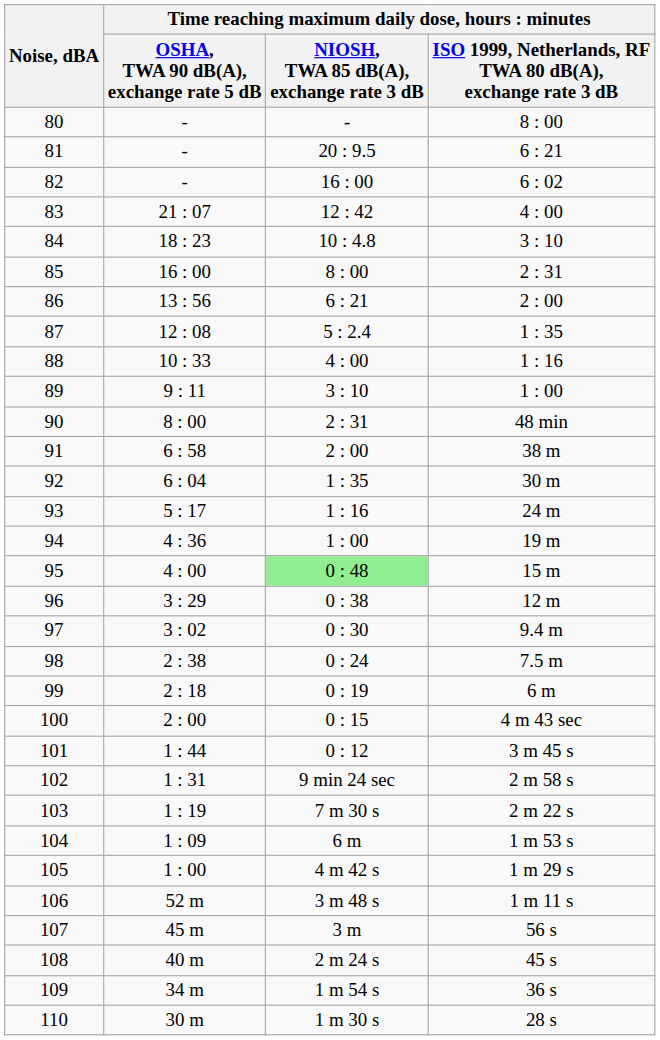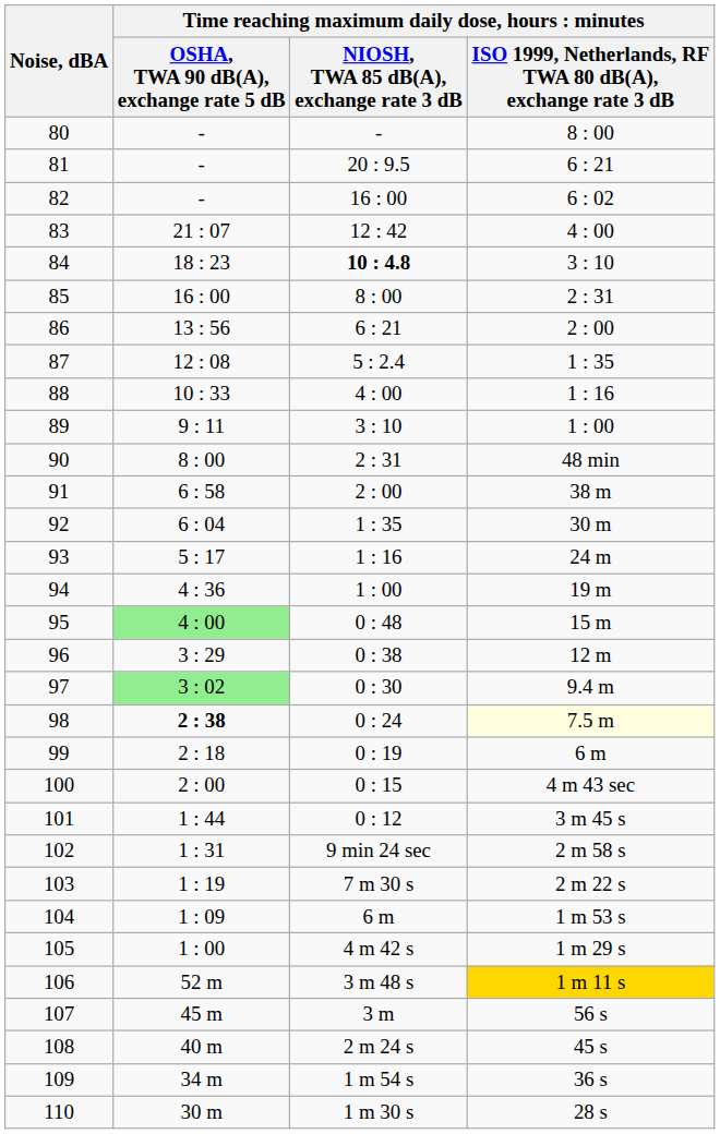 <table class="wikitable collapsible collapsed" style="text-align:center">
 <tr>
 <th rowspan="2">Noise, dBA</th>
 <th colspan="3">Time reaching maximum daily dose, hours : minutes</th>
 </tr>
 <tr>
 <th><a href='#'>OSHA</a>,<br>TWA 90 dB(A),<br>exchange rate 5 dB</th>
 <th><a href='#'>NIOSH</a>,<br>TWA 85 dB(A),<br>exchange rate 3 dB</th>
 <th><a href='#'>ISO</a> 1999, Netherlands, RF<br>TWA 80 dB(A),<br>exchange rate 3 dB</th>
 </tr>
 <tr>
 <td>80</td>
 <td>-</td>
 <td>-</td>
 <td>8 : 00</td>
 </tr>
 <tr>
 <td>81</td>
 <td>-</td>
 <td>20 : 9.5</td>
 <td>6 : 21</td>
 </tr>
 <tr>
 <td>82</td>
 <td>-</td>
 <td>16 : 00</td>
 <td>6 : 02</td>
 </tr>
 <tr>
 <td>83</td>
 <td>21 : 07</td>
 <td>12 : 42</td>
 <td>4 : 00</td>
 </tr>
 <tr>
 <td>84</td>
 <td>18 : 23</td>
-<td>10 : 4.8</td>
+<td><strong>10 : 4.8</strong></td>
 <td>3 : 10</td>
 </tr>
 <tr>
 <td>85</td>
 <td>16 : 00</td>
 <td>8 : 00</td>
 <td>2 : 31</td>
 </tr>
 <tr>
 <td>86</td>
 <td>13 : 56</td>
 <td>6 : 21</td>
 <td>2 : 00</td>
 </tr>
 <tr>
 <td>87</td>
 <td>12 : 08</td>
 <td>5 : 2.4</td>
 <td>1 : 35</td>
 </tr>
 <tr>
 <td>88</td>
 <td>10 : 33</td>
 <td>4 : 00</td>
 <td>1 : 16</td>
 </tr>
 <tr>
 <td>89</td>
 <td>9 : 11</td>
 <td>3 : 10</td>
 <td>1 : 00</td>
 </tr>
 <tr>
 <td>90</td>
 <td>8 : 00</td>
 <td>2 : 31</td>
 <td>48 min</td>
 </tr>
 <tr>
 <td>91</td>
 <td>6 : 58</td>
 <td>2 : 00</td>
 <td>38 m</td>
 </tr>
 <tr>
 <td>92</td>
 <td>6 : 04</td>
 <td>1 : 35</td>
 <td>30 m</td>
 </tr>
 <tr>
 <td>93</td>
 <td>5 : 17</td>
 <td>1 : 16</td>
 <td>24 m</td>
 </tr>
 <tr>
 <td>94</td>
 <td>4 : 36</td>
 <td>1 : 00</td>
 <td>19 m</td>
 </tr>
 <tr>
 <td>95</td>
-<td>4 : 00</td>
-<td style="background: lightgreen;">0 : 48</td>
+<td style="background: lightgreen;">4 : 00</td>
+<td>0 : 48</td>
 <td>15 m</td>
 </tr>
 <tr>
 <td>96</td>
 <td>3 : 29</td>
 <td>0 : 38</td>
 <td>12 m</td>
 </tr>
 <tr>
 <td>97</td>
-<td>3 : 02</td>
+<td style="background: lightgreen;">3 : 02</td>
 <td>0 : 30</td>
 <td>9.4 m</td>
 </tr>
 <tr>
 <td>98</td>
-<td>2 : 38</td>
+<td><strong>2 : 38</strong></td>
 <td>0 : 24</td>
-<td>7.5 m</td>
+<td style="background: lightyellow;">7.5 m</td>
 </tr>
 <tr>
 <td>99</td>
 <td>2 : 18</td>
 <td>0 : 19</td>
 <td>6 m</td>
 </tr>
 <tr>
 <td>100</td>
 <td>2 : 00</td>
 <td>0 : 15</td>
 <td>4 m 43 sec</td>
 </tr>
 <tr>
 <td>101</td>
 <td>1 : 44</td>
 <td>0 : 12</td>
 <td>3 m 45 s</td>
 </tr>
 <tr>
 <td>102</td>
 <td>1 : 31</td>
 <td>9 min 24 sec</td>
 <td>2 m 58 s</td>
 </tr>
 <tr>
 <td>103</td>
 <td>1 : 19</td>
 <td>7 m 30 s</td>
 <td>2 m 22 s</td>
 </tr>
 <tr>
 <td>104</td>
 <td>1 : 09</td>
 <td>6 m</td>
 <td>1 m 53 s</td>
 </tr>
 <tr>
 <td>105</td>
 <td>1 : 00</td>
 <td>4 m 42 s</td>
 <td>1 m 29 s</td>
 </tr>
 <tr>
 <td>106</td>
 <td>52 m</td>
 <td>3 m 48 s</td>
-<td>1 m 11 s</td>
+<td style="background: gold;">1 m 11 s</td>
 </tr>
 <tr>
 <td>107</td>
 <td>45 m</td>
 <td>3 m</td>
 <td>56 s</td>
 </tr>
 <tr>
 <td>108</td>
 <td>40 m</td>
 <td>2 m 24 s</td>
 <td>45 s</td>
 </tr>
 <tr>
 <td>109</td>
 <td>34 m</td>
 <td>1 m 54 s</td>
 <td>36 s</td>
 </tr>
 <tr>
 <td>110</td>
 <td>30 m</td>
 <td>1 m 30 s</td>
 <td>28 s</td>
 </tr>
 </table>
